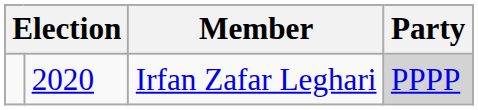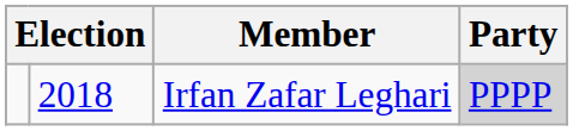 <table class="wikitable">
 <tr>
 <th colspan="2">Election</th>
 <th>Member</th>
 <th>Party</th>
 </tr>
 <tr>
 <td style="background-color: "></td>
-<td><a href='#'>2020</a></td>
+<td><a href='#'>2018</a></td>
 <td><a href='#'>Irfan Zafar Leghari</a></td>
 <td style="background: lightgrey;"><a href='#'>PPPP</a></td>
 </tr>
 </table>
